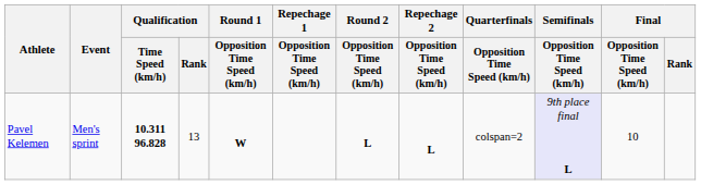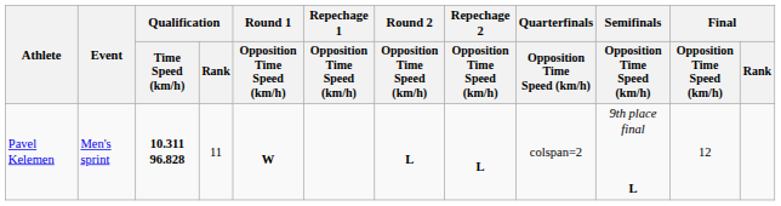 <table class="wikitable" style="font-size:90%;">
 <tr>
 <th rowspan=2>Athlete</th>
 <th rowspan=2>Event</th>
 <th colspan=2>Qualification</th>
 <th>Round 1</th>
 <th>Repechage 1</th>
 <th>Round 2</th>
 <th>Repechage 2</th>
 <th>Quarterfinals</th>
 <th>Semifinals</th>
 <th colspan=2>Final</th>
 </tr>
 <tr style="font-size:95%">
 <th>Time<br>Speed (km/h)</th>
 <th>Rank</th>
 <th>Opposition<br>Time<br>Speed (km/h)</th>
 <th>Opposition<br>Time<br>Speed (km/h)</th>
 <th>Opposition<br>Time<br>Speed (km/h)</th>
 <th>Opposition<br>Time<br>Speed (km/h)</th>
 <th>Opposition<br>Time<br>Speed (km/h)</th>
 <th>Opposition<br>Time<br>Speed (km/h)</th>
 <th>Opposition<br>Time<br>Speed (km/h)</th>
 <th>Rank</th>
 </tr>
 <tr align=center>
 <td align=left><a href='#'>Pavel Kelemen</a></td>
 <td align=left><a href='#'>Men's sprint</a></td>
 <td><strong>10.311<br>96.828</strong></td>
-<td>13</td>
+<td>11</td>
 <td><br><strong>W</strong> </td>
 <td></td>
 <td><br><strong>L</strong></td>
 <td><br><br><strong>L</strong></td>
 <td>colspan=2 </td>
-<td style="background: lavender;"><em>9th place final</em><br><br><br><br><strong>L</strong></td>
-<td>10</td>
+<td><em>9th place final</em><br><br><br><br><strong>L</strong></td>
+<td>12</td>
 </tr>
 </table>
